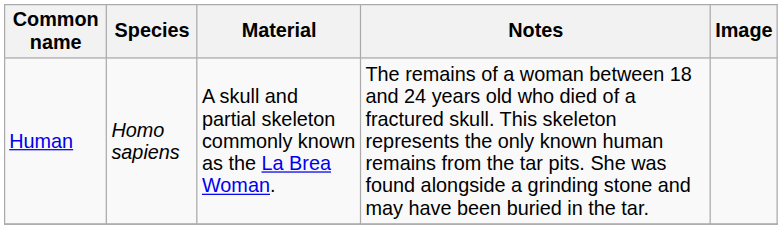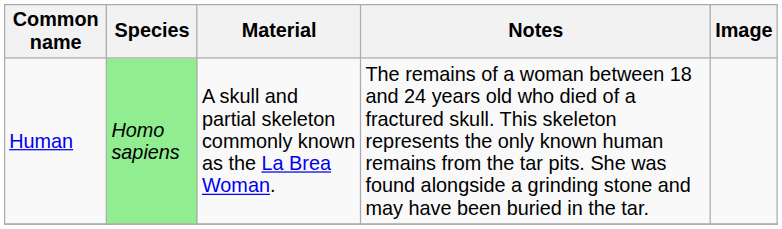 <table class="wikitable" align="center" width="100%">
 <tr>
 <th>Common name</th>
 <th>Species</th>
 <th>Material</th>
 <th>Notes</th>
 <th>Image</th>
 </tr>
 <tr>
 <td><a href='#'>Human</a></td>
-<td><em>Homo sapiens</em></td>
+<td style="background: lightgreen;"><em>Homo sapiens</em></td>
 <td>A skull and partial skeleton commonly known as the <a href='#'>La Brea Woman</a>.</td>
 <td>The remains of a woman between 18 and 24 years old who died of a fractured skull. This skeleton represents the only known human remains from the tar pits. She was found alongside a grinding stone and may have been buried in the tar.</td>
 <td></td>
 </tr>
 <tr>
 </tr>
 </table>
